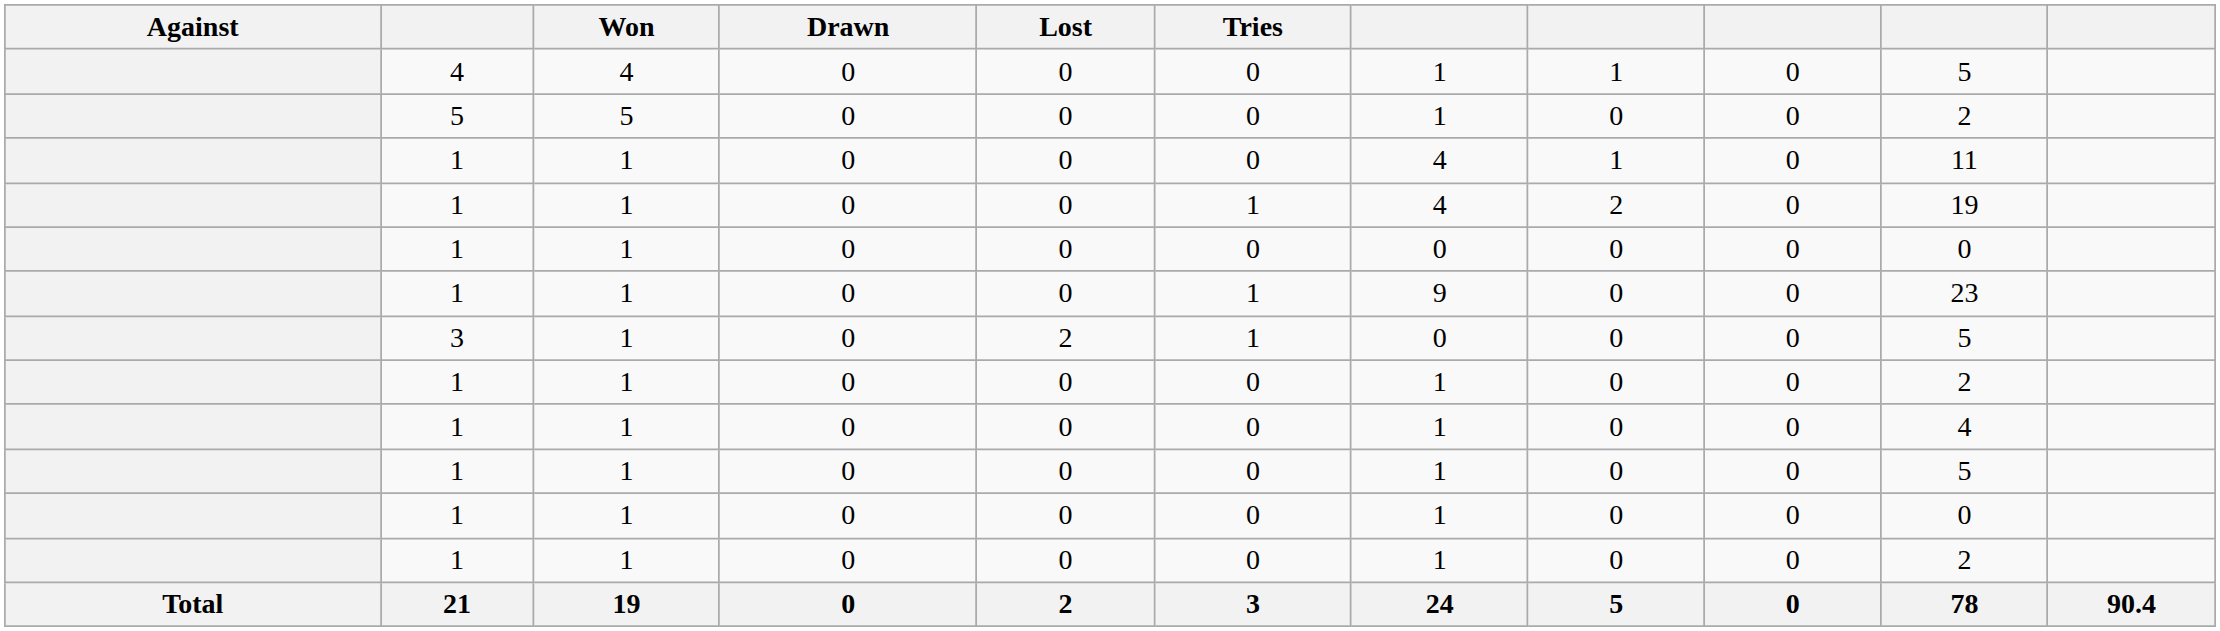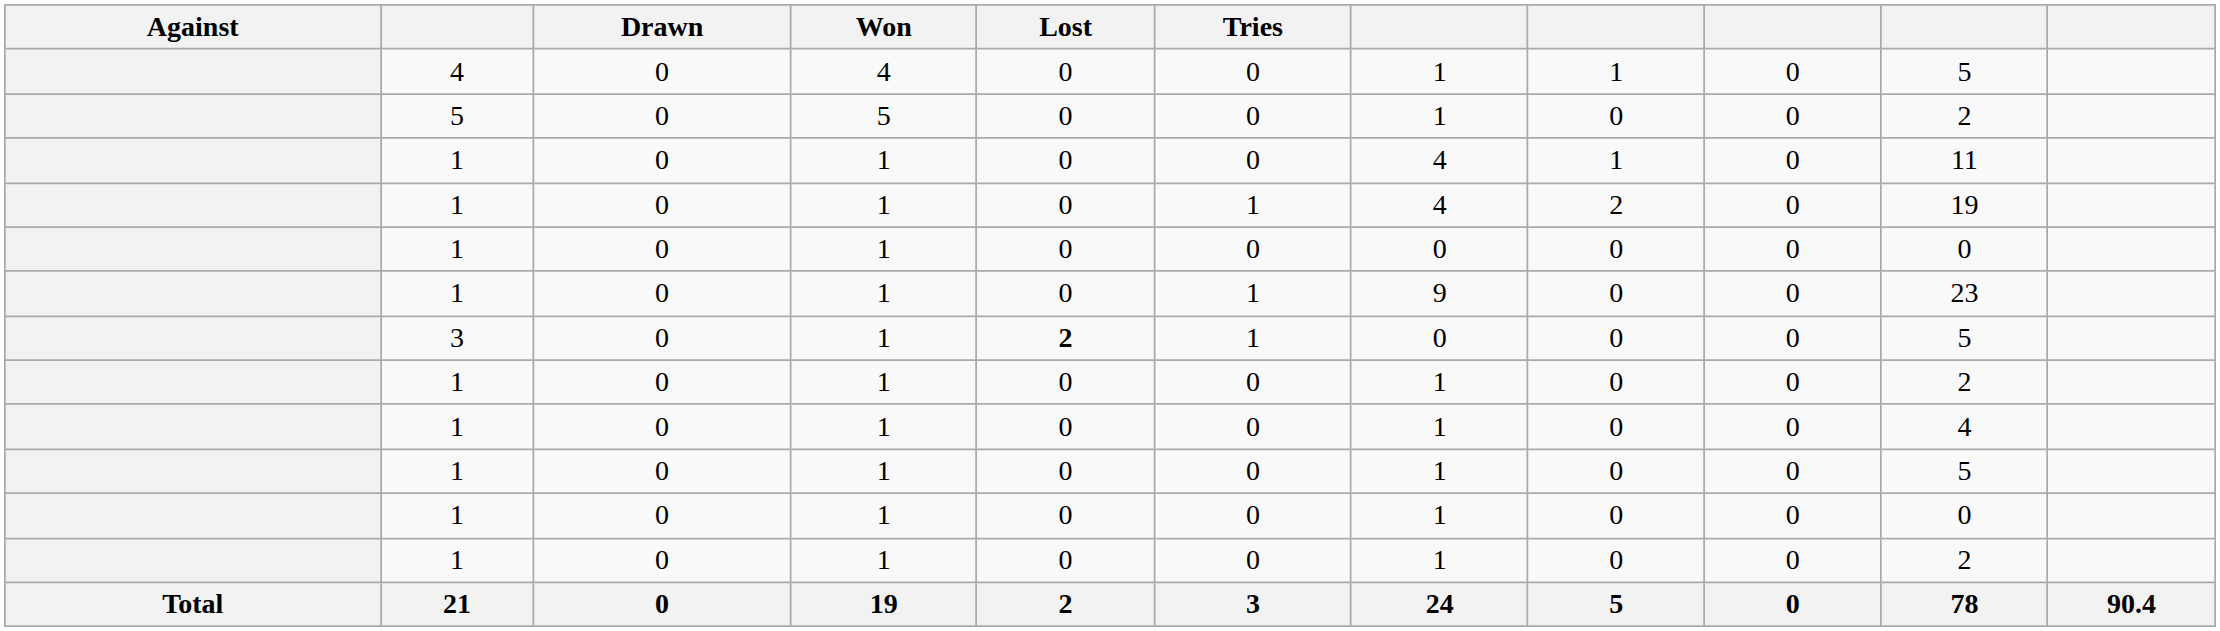 <table class="wikitable sortable" style="text-align: center; width: 100%;">
 <tr>
 <th scope="col" style="width: 17%;">Against</th>
 <th scope="col" style="width: 25px;"></th>
+<th scope="col" style="width: 20px;">Drawn</th>
 <th scope="col" style="width: 20px;">Won</th>
-<th scope="col" style="width: 20px;">Drawn</th>
 <th scope="col" style="width: 20px;">Lost</th>
 <th scope="col" style="width: 30px;">Tries</th>
 <th scope="col" style="width: 30px;"></th>
 <th scope="col" style="width: 30px;"></th>
 <th scope="col" style="width: 30px;"></th>
 <th scope="col" style="width: 28px;"></th>
 <th scope="col" style="width: 28px;"></th>
 </tr>
 <tr>
 <th scope="row"></th>
 <td>4</td>
+<td>0</td>
 <td>4</td>
-<td>0</td>
 <td>0</td>
 <td>0</td>
 <td>1</td>
 <td>1</td>
 <td>0</td>
 <td>5</td>
 <td></td>
 </tr>
 <tr>
 <th scope="row"></th>
 <td>5</td>
+<td>0</td>
 <td>5</td>
-<td>0</td>
 <td>0</td>
 <td>0</td>
 <td>1</td>
 <td>0</td>
 <td>0</td>
 <td>2</td>
 <td></td>
 </tr>
 <tr>
 <th scope="row"></th>
 <td>1</td>
+<td>0</td>
 <td>1</td>
-<td>0</td>
 <td>0</td>
 <td>0</td>
 <td>4</td>
 <td>1</td>
 <td>0</td>
 <td>11</td>
 <td></td>
 </tr>
 <tr>
 <th scope="row"></th>
 <td>1</td>
+<td>0</td>
 <td>1</td>
-<td>0</td>
 <td>0</td>
 <td>1</td>
 <td>4</td>
 <td>2</td>
 <td>0</td>
 <td>19</td>
 <td></td>
 </tr>
 <tr>
 <th scope="row"></th>
 <td>1</td>
+<td>0</td>
 <td>1</td>
-<td>0</td>
 <td>0</td>
 <td>0</td>
 <td>0</td>
 <td>0</td>
 <td>0</td>
 <td>0</td>
 <td></td>
 </tr>
 <tr>
 <th scope="row"></th>
 <td>1</td>
+<td>0</td>
 <td>1</td>
-<td>0</td>
 <td>0</td>
 <td>1</td>
 <td>9</td>
 <td>0</td>
 <td>0</td>
 <td>23</td>
 <td></td>
 </tr>
 <tr>
 <th scope="row"></th>
 <td>3</td>
+<td>0</td>
 <td>1</td>
-<td>0</td>
-<td>2</td>
+<td><strong>2</strong></td>
 <td>1</td>
 <td>0</td>
 <td>0</td>
 <td>0</td>
 <td>5</td>
 <td></td>
 </tr>
 <tr>
 <th scope="row"></th>
 <td>1</td>
+<td>0</td>
 <td>1</td>
-<td>0</td>
 <td>0</td>
 <td>0</td>
 <td>1</td>
 <td>0</td>
 <td>0</td>
 <td>2</td>
 <td></td>
 </tr>
 <tr>
 <th scope="row"></th>
 <td>1</td>
+<td>0</td>
 <td>1</td>
-<td>0</td>
 <td>0</td>
 <td>0</td>
 <td>1</td>
 <td>0</td>
 <td>0</td>
 <td>4</td>
 <td></td>
 </tr>
 <tr>
 <th scope="row"></th>
 <td>1</td>
+<td>0</td>
 <td>1</td>
-<td>0</td>
 <td>0</td>
 <td>0</td>
 <td>1</td>
 <td>0</td>
 <td>0</td>
 <td>5</td>
 <td></td>
 </tr>
 <tr>
 <th scope="row"></th>
 <td>1</td>
+<td>0</td>
 <td>1</td>
-<td>0</td>
 <td>0</td>
 <td>0</td>
 <td>1</td>
 <td>0</td>
 <td>0</td>
 <td>0</td>
 <td></td>
 </tr>
 <tr>
 <th scope="row"></th>
 <td>1</td>
+<td>0</td>
 <td>1</td>
-<td>0</td>
 <td>0</td>
 <td>0</td>
 <td>1</td>
 <td>0</td>
 <td>0</td>
 <td>2</td>
 <td></td>
 </tr>
 <tr class="sortbottom">
 <th>Total</th>
 <th>21</th>
+<th>0</th>
 <th>19</th>
-<th>0</th>
 <th>2</th>
 <th>3</th>
 <th>24</th>
 <th>5</th>
 <th>0</th>
 <th>78</th>
 <th>90.4</th>
 </tr>
 </table>
